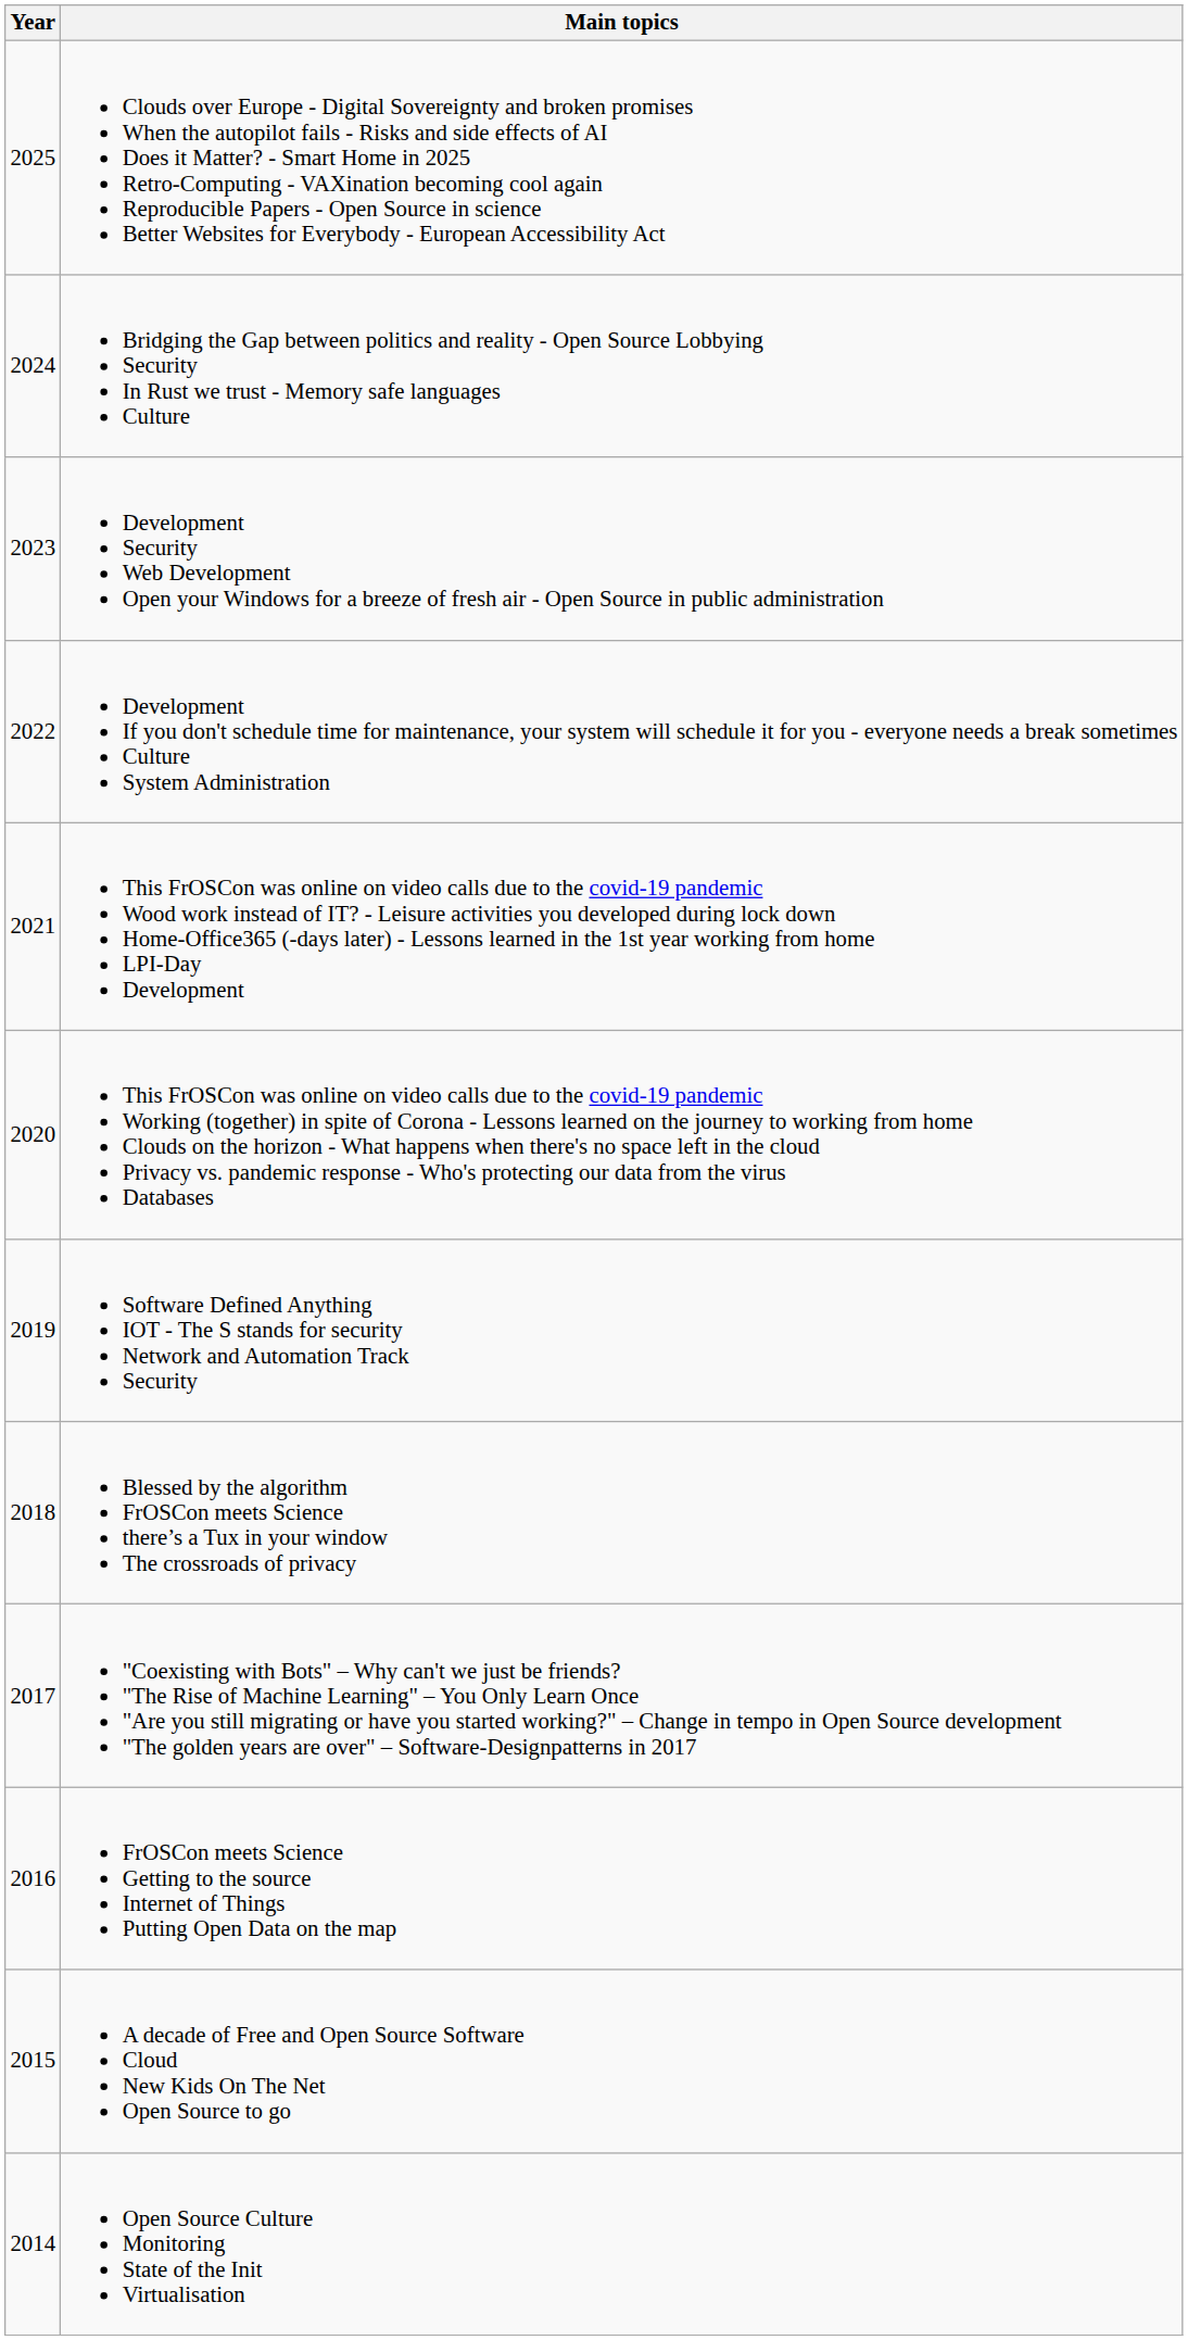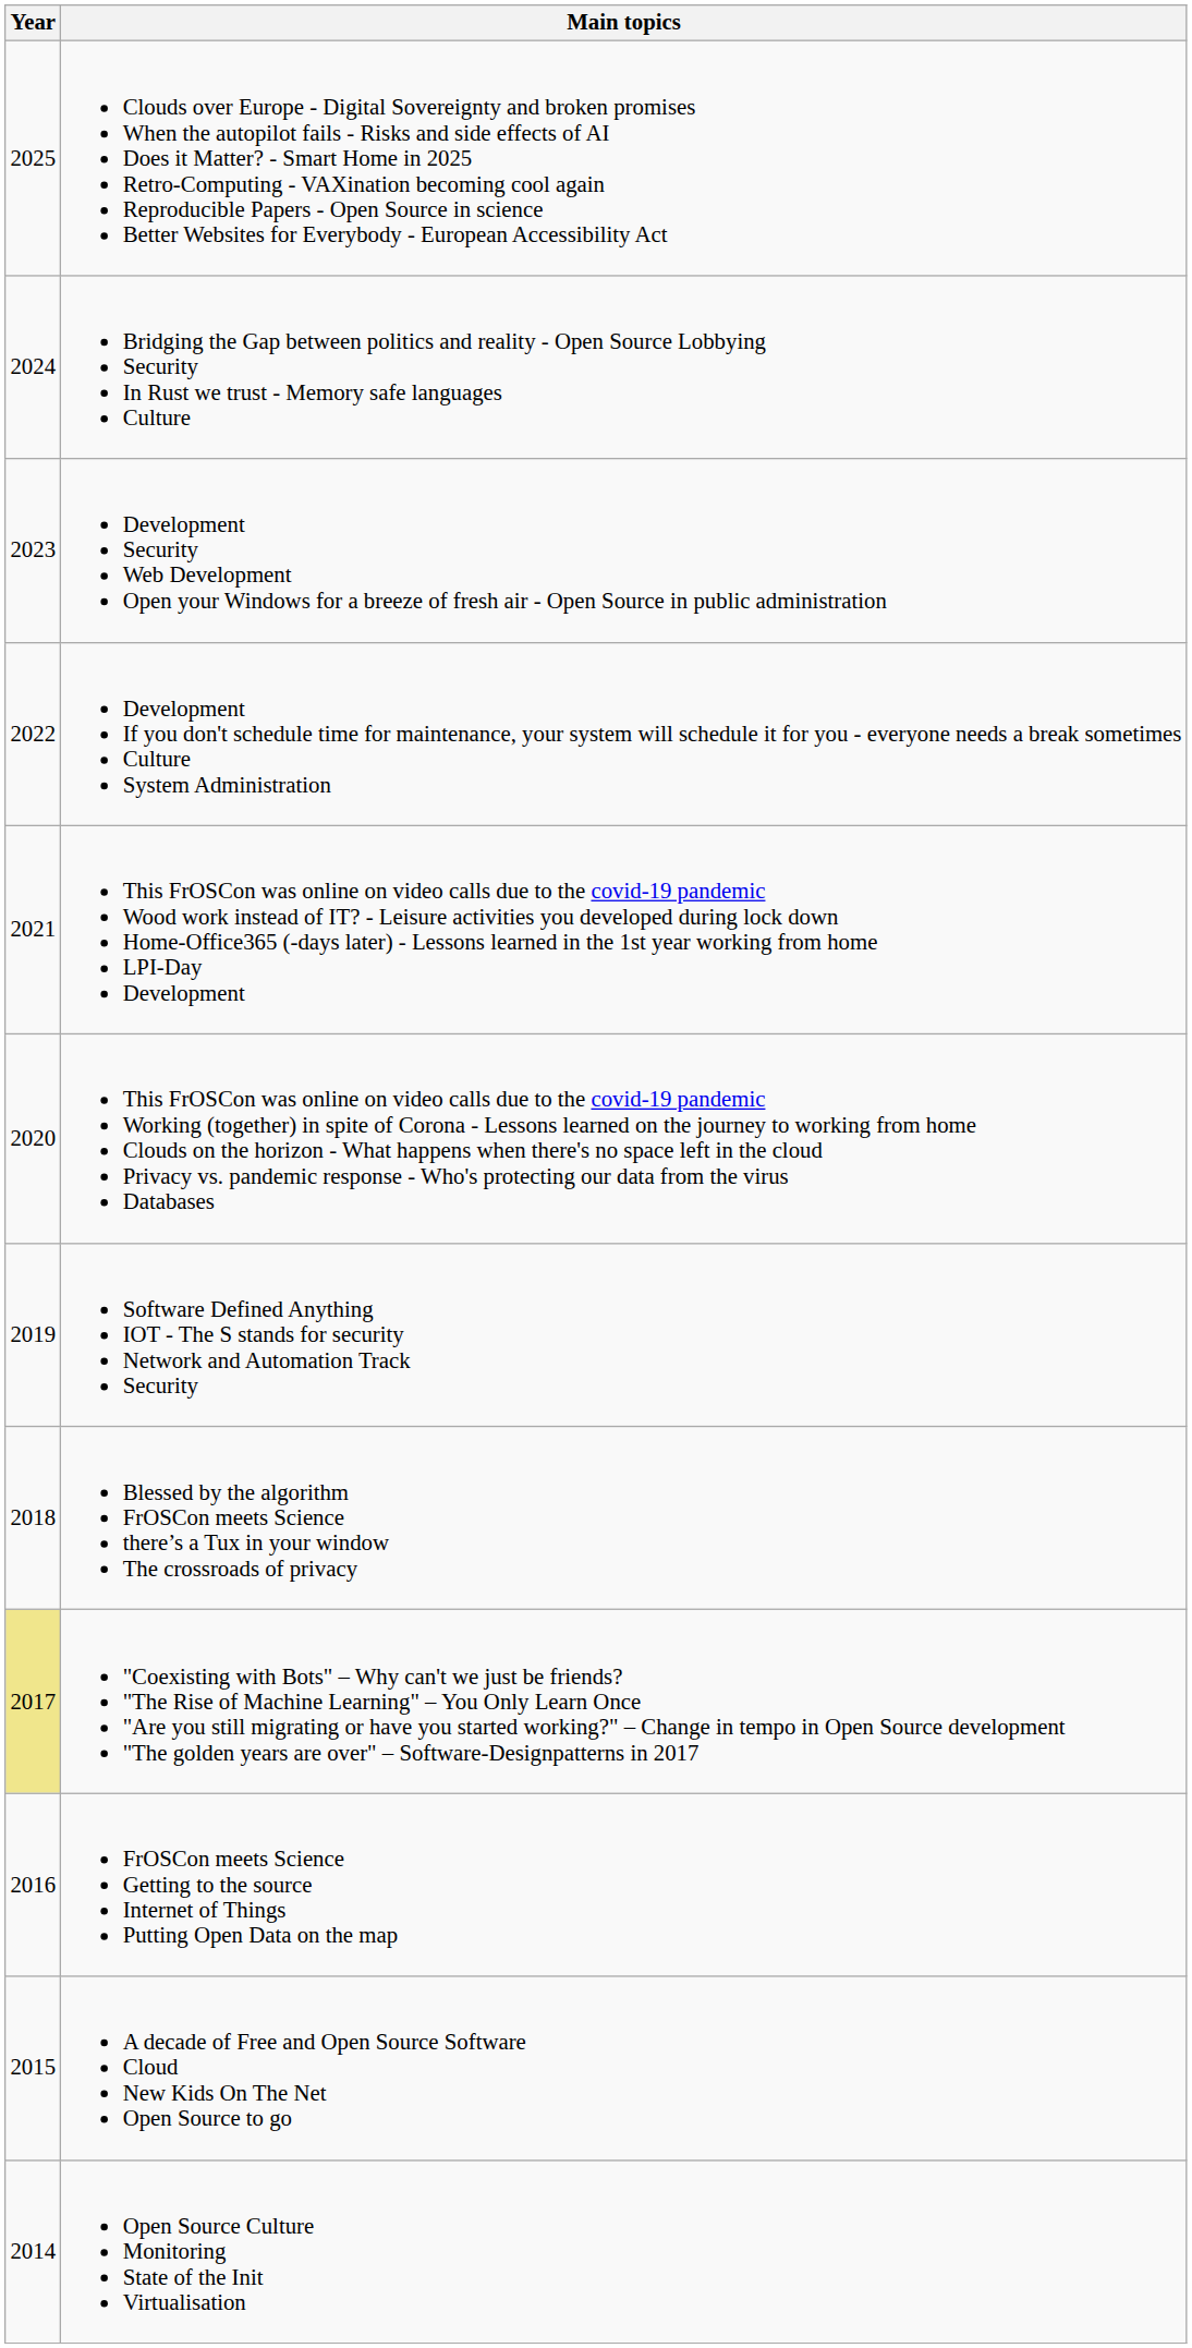 <table class="wikitable">
 <tr>
 <th>Year</th>
 <th>Main topics </th>
 </tr>
 <tr>
 <td>2025</td>
 <td><br><ul><li>Clouds over Europe - Digital Sovereignty and broken promises</li><li>When the autopilot fails - Risks and side effects of AI</li><li>Does it Matter? - Smart Home in 2025</li><li>Retro-Computing - VAXination becoming cool again</li><li>Reproducible Papers - Open Source in science</li><li>Better Websites for Everybody - European Accessibility Act</li></ul></td>
 </tr>
 <tr>
 <td>2024</td>
 <td><br><ul><li>Bridging the Gap between politics and reality - Open Source Lobbying</li><li>Security</li><li>In Rust we trust - Memory safe languages</li><li>Culture</li></ul></td>
 </tr>
 <tr>
 <td>2023</td>
 <td><br><ul><li>Development</li><li>Security</li><li>Web Development</li><li>Open your Windows for a breeze of fresh air - Open Source in public administration</li></ul></td>
 </tr>
 <tr>
 <td>2022</td>
 <td><br><ul><li>Development</li><li>If you don't schedule time for maintenance, your system will schedule it for you - everyone needs a break sometimes</li><li>Culture</li><li>System Administration</li></ul></td>
 </tr>
 <tr>
 <td>2021</td>
 <td><br><ul><li>This FrOSCon was online on video calls due to the <a href='#'>covid-19 pandemic</a></li><li>Wood work instead of IT? - Leisure activities you developed during lock down</li><li>Home-Office365 (-days later) - Lessons learned in the 1st year working from home</li><li>LPI-Day</li><li>Development</li></ul></td>
 </tr>
 <tr>
 <td>2020</td>
 <td><br><ul><li>This FrOSCon was online on video calls due to the <a href='#'>covid-19 pandemic</a></li><li>Working (together) in spite of Corona - Lessons learned on the journey to working from home</li><li>Clouds on the horizon - What happens when there's no space left in the cloud</li><li>Privacy vs. pandemic response - Who's protecting our data from the virus</li><li>Databases</li></ul></td>
 </tr>
 <tr>
 <td>2019</td>
 <td><br><ul><li>Software Defined Anything</li><li>IOT - The S stands for security</li><li>Network and Automation Track</li><li>Security</li></ul></td>
 </tr>
 <tr>
 <td>2018</td>
 <td><br><ul><li>Blessed by the algorithm</li><li>FrOSCon meets Science</li><li>there’s a Tux in your window</li><li>The crossroads of privacy</li></ul></td>
 </tr>
 <tr>
-<td>2017</td>
+<td style="background: khaki;">2017</td>
 <td><br><ul><li>"Coexisting with Bots" – Why can't we just be friends?</li><li>"The Rise of Machine Learning" – You Only Learn Once</li><li>"Are you still migrating or have you started working?" – Change in tempo in Open Source development</li><li>"The golden years are over" – Software-Designpatterns in 2017</li></ul></td>
 </tr>
 <tr>
 <td>2016</td>
 <td><br><ul><li>FrOSCon meets Science</li><li>Getting to the source</li><li>Internet of Things</li><li>Putting Open Data on the map</li></ul></td>
 </tr>
 <tr>
 <td>2015</td>
 <td><br><ul><li>A decade of Free and Open Source Software</li><li>Cloud</li><li>New Kids On The Net</li><li>Open Source to go</li></ul></td>
 </tr>
 <tr>
 <td>2014</td>
 <td><br><ul><li>Open Source Culture</li><li>Monitoring</li><li>State of the Init</li><li>Virtualisation</li></ul></td>
 </tr>
 </table>
